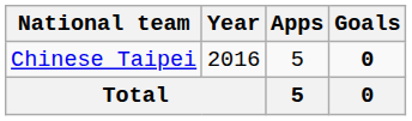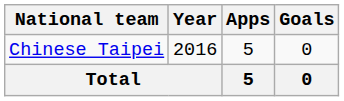 <table class="wikitable" style="text-align:center">
 <tr>
 <th>National team</th>
 <th>Year</th>
 <th>Apps</th>
 <th>Goals</th>
 </tr>
 <tr>
 <td rowspan="1"><a href='#'>Chinese Taipei</a></td>
 <td>2016</td>
 <td>5</td>
-<td><strong>0</strong></td>
+<td>0</td>
 </tr>
 <tr>
 <th colspan=2>Total</th>
 <th>5</th>
 <th>0</th>
 </tr>
 </table>
